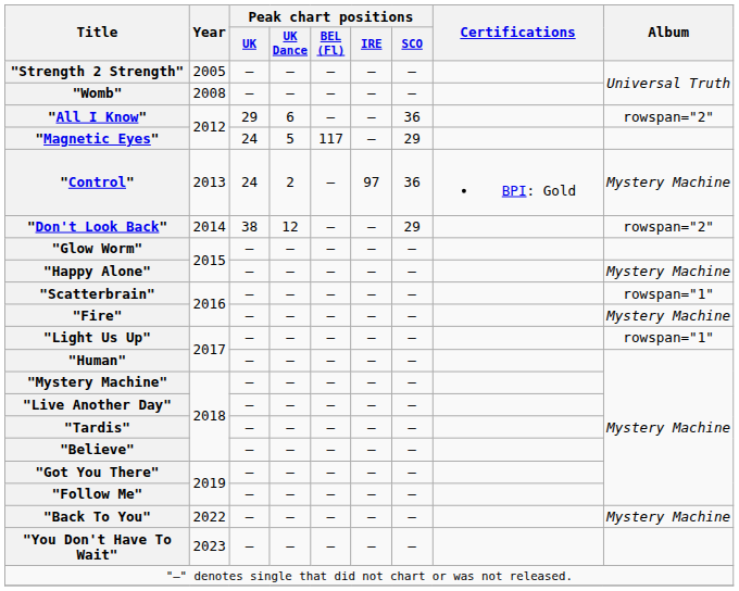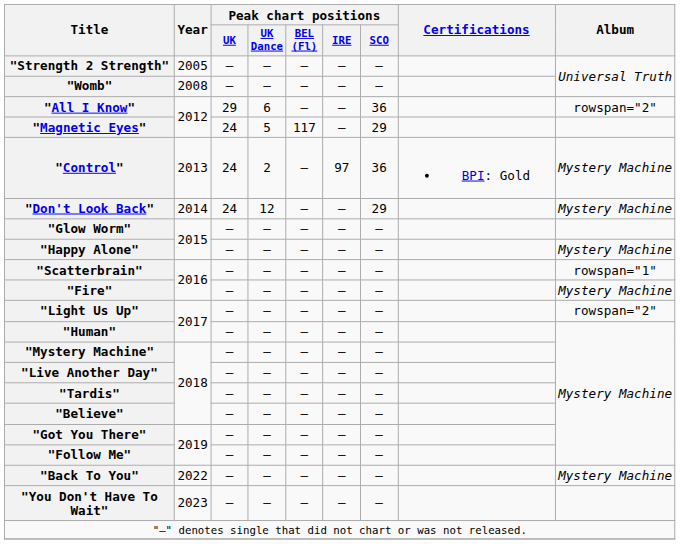 <table class="wikitable plainrowheaders" style="text-align:center;">
 <tr>
 <th scope="col" rowspan="2" style="width:13em;">Title</th>
 <th scope="col" rowspan="2" style="width:1em;">Year</th>
 <th scope="col" colspan="5">Peak chart positions</th>
 <th scope="col" rowspan="2" style="width:12em;"><a href='#'>Certifications</a></th>
 <th scope="col" rowspan="2">Album</th>
 </tr>
 <tr>
 <th scope="col" style="width:3em;font-size:85%;"><a href='#'>UK</a><br></th>
 <th scope="col" style="width:3em;font-size:85%;"><a href='#'>UK<br>Dance</a><br></th>
 <th scope="col" style="width:3em;font-size:85%;"><a href='#'>BEL<br>(Fl)</a><br></th>
 <th scope="col" style="width:3em;font-size:85%;"><a href='#'>IRE</a><br></th>
 <th scope="col" style="width:3em;font-size:85%;"><a href='#'>SCO</a><br></th>
 </tr>
 <tr>
 <th scope="row">"Strength 2 Strength"</th>
 <td>2005</td>
 <td>—</td>
 <td>—</td>
 <td>—</td>
 <td>—</td>
 <td>—</td>
 <td></td>
 <td rowspan="2"><em>Universal Truth</em></td>
 </tr>
 <tr>
 <th scope="row">"Womb"</th>
 <td>2008</td>
 <td>—</td>
 <td>—</td>
 <td>—</td>
 <td>—</td>
 <td>—</td>
 <td></td>
 </tr>
 <tr>
 <th scope="row">"<a href='#'>All I Know</a>"<br></th>
 <td rowspan="2">2012</td>
 <td>29</td>
 <td>6</td>
 <td>—</td>
 <td>—</td>
 <td>36</td>
 <td></td>
 <td>rowspan="2" </td>
 </tr>
 <tr>
 <th scope="row">"<a href='#'>Magnetic Eyes</a>"<br></th>
 <td>24</td>
 <td>5</td>
 <td>117</td>
 <td>—</td>
 <td>29</td>
 <td></td>
 </tr>
 <tr>
 <th scope="row">"<a href='#'>Control</a>"<br></th>
 <td>2013</td>
 <td>24</td>
 <td>2</td>
 <td>—</td>
 <td>97</td>
 <td>36</td>
 <td><br><ul><li><a href='#'>BPI</a>: Gold</li></ul></td>
 <td rowspan="1"><em>Mystery Machine</em></td>
 </tr>
 <tr>
 <th scope="row">"<a href='#'>Don't Look Back</a>"<br></th>
 <td>2014</td>
-<td>38</td>
+<td>24</td>
 <td>12</td>
 <td>—</td>
 <td>—</td>
 <td>29</td>
 <td></td>
-<td>rowspan="2" </td>
+<td rowspan="1"><em>Mystery Machine</em></td>
 </tr>
 <tr>
 <th scope="row">"Glow Worm"<br></th>
 <td rowspan="2">2015</td>
 <td>—</td>
 <td>—</td>
 <td>—</td>
 <td>—</td>
 <td>—</td>
 <td></td>
 </tr>
 <tr>
 <th scope="row">"Happy Alone"<br></th>
 <td>—</td>
 <td>—</td>
 <td>—</td>
 <td>—</td>
 <td>—</td>
 <td></td>
 <td rowspan="1"><em>Mystery Machine</em></td>
 </tr>
 <tr>
 <th scope="row">"Scatterbrain"</th>
 <td rowspan="2">2016</td>
 <td>—</td>
 <td>—</td>
 <td>—</td>
 <td>—</td>
 <td>—</td>
 <td></td>
 <td>rowspan="1" </td>
 </tr>
 <tr>
 <th scope="row">"Fire"<br></th>
 <td>—</td>
 <td>—</td>
 <td>—</td>
 <td>—</td>
 <td>—</td>
 <td></td>
 <td rowspan="1"><em>Mystery Machine</em></td>
 </tr>
 <tr>
 <th scope="row">"Light Us Up"<br></th>
 <td rowspan="2">2017</td>
 <td>—</td>
 <td>—</td>
 <td>—</td>
 <td>—</td>
 <td>—</td>
 <td></td>
-<td>rowspan="1" </td>
+<td>rowspan="2" </td>
 </tr>
 <tr>
 <th scope="row">"Human"<br></th>
 <td>—</td>
 <td>—</td>
 <td>—</td>
 <td>—</td>
 <td>—</td>
 <td></td>
 <td rowspan="7"><em>Mystery Machine</em></td>
 </tr>
 <tr>
 <th scope="row">"Mystery Machine"</th>
 <td rowspan="4">2018</td>
 <td>—</td>
 <td>—</td>
 <td>—</td>
 <td>—</td>
 <td>—</td>
 <td></td>
 </tr>
 <tr>
 <th scope="row">"Live Another Day"<br></th>
 <td>—</td>
 <td>—</td>
 <td>—</td>
 <td>—</td>
 <td>—</td>
 <td></td>
 </tr>
 <tr>
 <th scope="row">"Tardis"</th>
 <td>—</td>
 <td>—</td>
 <td>—</td>
 <td>—</td>
 <td>—</td>
 <td></td>
 </tr>
 <tr>
 <th scope="row">"Believe"</th>
 <td>—</td>
 <td>—</td>
 <td>—</td>
 <td>—</td>
 <td>—</td>
 <td></td>
 </tr>
 <tr>
 <th scope="row">"Got You There"<br></th>
 <td rowspan="2">2019</td>
 <td>—</td>
 <td>—</td>
 <td>—</td>
 <td>—</td>
 <td>—</td>
 <td></td>
 </tr>
 <tr>
 <th scope="row">"Follow Me"<br></th>
 <td>—</td>
 <td>—</td>
 <td>—</td>
 <td>—</td>
 <td>—</td>
 <td></td>
 </tr>
 <tr>
 <th scope="row">"Back To You"<br></th>
 <td>2022</td>
 <td>—</td>
 <td>—</td>
 <td>—</td>
 <td>—</td>
 <td>—</td>
 <td></td>
 <td rowspan="1"><em>Mystery Machine</em></td>
 </tr>
 <tr>
 <th scope="row">"You Don't Have To Wait"<br></th>
 <td>2023</td>
 <td>—</td>
 <td>—</td>
 <td>—</td>
 <td>—</td>
 <td>—</td>
 <td></td>
 </tr>
 <tr>
 <td colspan="14" style="font-size:85%">"—" denotes single that did not chart or was not released.</td>
 </tr>
 <tr>
 </tr>
 </table>
